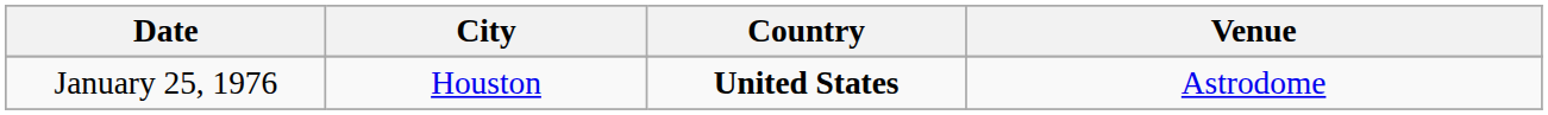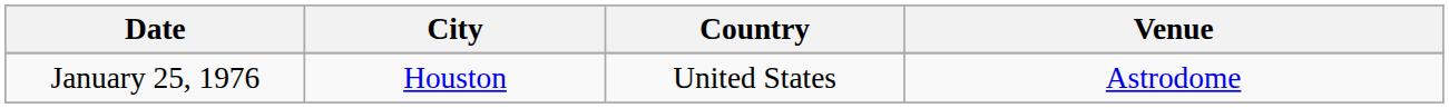 <table class="wikitable" style="text-align:center">
 <tr>
 <th style="width:150px;">Date</th>
 <th style="width:150px;">City</th>
 <th style="width:150px;">Country</th>
 <th style="width:275px;">Venue</th>
 </tr>
 <tr style="background:#ddd;">
 </tr>
 <tr>
 <td>January 25, 1976</td>
 <td><a href='#'>Houston</a></td>
-<td><strong>United States</strong></td>
+<td>United States</td>
 <td><a href='#'>Astrodome</a></td>
 </tr>
 </table>
